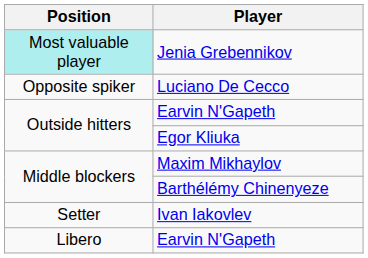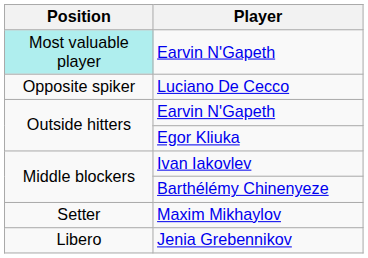 <table class="wikitable">
 <tr>
 <th width=140>Position</th>
 <th width=200>Player</th>
 </tr>
 <tr>
 <td style="background: paleturquoise; text-align:center">Most valuable player</td>
-<td> <a href='#'>Jenia Grebennikov</a></td>
+<td> <a href='#'>Earvin N'Gapeth</a></td>
 </tr>
 <tr>
 <td style="text-align:center">Opposite spiker</td>
 <td> <a href='#'>Luciano De Cecco</a></td>
 </tr>
 <tr>
 <td rowspan=2 style="text-align:center">Outside hitters</td>
 <td> <a href='#'>Earvin N'Gapeth</a></td>
 </tr>
 <tr>
 <td> <a href='#'>Egor Kliuka</a></td>
 </tr>
 <tr>
 <td rowspan=2 style="text-align:center">Middle blockers</td>
-<td> <a href='#'>Maxim Mikhaylov</a></td>
+<td> <a href='#'>Ivan Iakovlev</a></td>
 </tr>
 <tr>
 <td> <a href='#'>Barthélémy Chinenyeze</a></td>
 </tr>
 <tr>
 <td style="text-align:center">Setter</td>
-<td> <a href='#'>Ivan Iakovlev</a></td>
+<td> <a href='#'>Maxim Mikhaylov</a></td>
 </tr>
 <tr>
 <td style="text-align:center">Libero</td>
-<td> <a href='#'>Earvin N'Gapeth</a></td>
+<td> <a href='#'>Jenia Grebennikov</a></td>
 </tr>
 </table>
